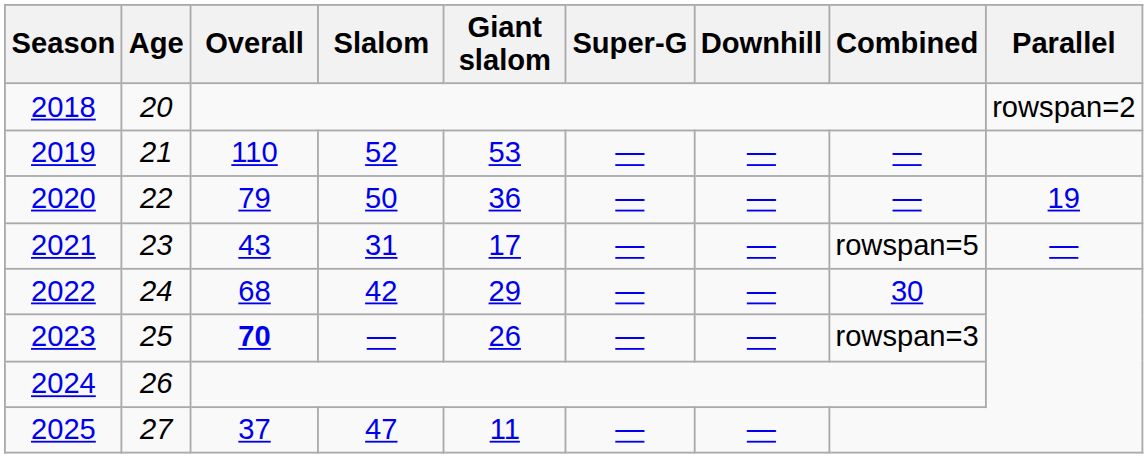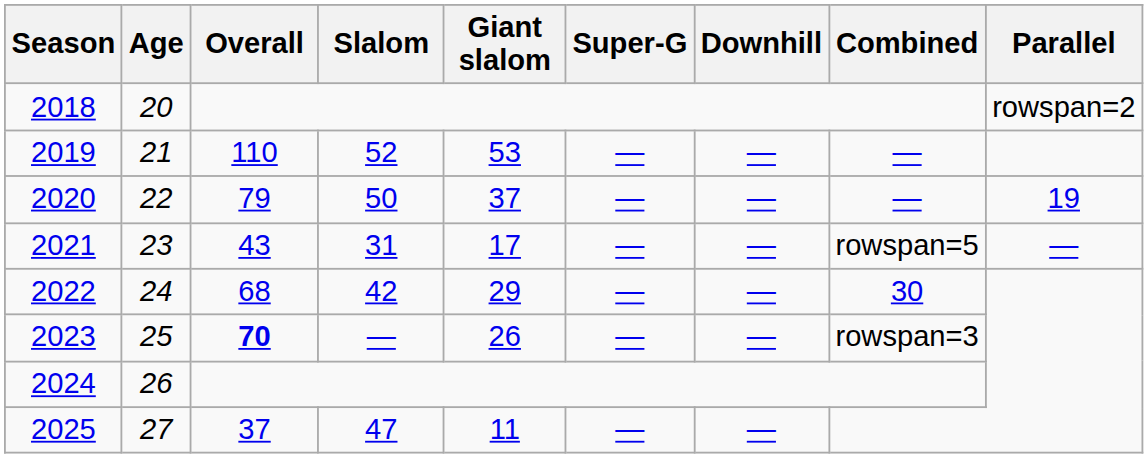 <table class="wikitable" style="text-align:center; font-size:100%;">
 <tr>
 <th>Season</th>
 <th>Age</th>
 <th> Overall </th>
 <th> Slalom </th>
 <th>Giant<br> slalom </th>
 <th>Super-G</th>
 <th>Downhill</th>
 <th>Combined</th>
 <th>Parallel</th>
 </tr>
 <tr>
 <td><a href='#'>2018</a></td>
 <td><em>20</em></td>
 <td colspan=6></td>
 <td>rowspan=2 </td>
 </tr>
 <tr>
 <td><a href='#'>2019</a></td>
 <td><em>21</em></td>
 <td><a href='#'>110</a></td>
 <td><a href='#'>52</a></td>
 <td><a href='#'>53</a></td>
 <td><a href='#'>—</a></td>
 <td><a href='#'>—</a></td>
 <td><a href='#'>—</a></td>
 </tr>
 <tr>
 <td><a href='#'>2020</a></td>
 <td><em>22</em></td>
 <td><a href='#'>79</a></td>
 <td><a href='#'>50</a></td>
-<td><a href='#'>36</a></td>
+<td><a href='#'>37</a></td>
 <td><a href='#'>—</a></td>
 <td><a href='#'>—</a></td>
 <td><a href='#'>—</a></td>
 <td><a href='#'>19</a></td>
 </tr>
 <tr>
 <td><a href='#'>2021</a></td>
 <td><em>23</em></td>
 <td><a href='#'>43</a></td>
 <td><a href='#'>31</a></td>
 <td><a href='#'>17</a></td>
 <td><a href='#'>—</a></td>
 <td><a href='#'>—</a></td>
 <td>rowspan=5 </td>
 <td><a href='#'>—</a></td>
 </tr>
 <tr>
 <td><a href='#'>2022</a></td>
 <td><em>24</em></td>
 <td><a href='#'>68</a></td>
 <td><a href='#'>42</a></td>
 <td><a href='#'>29</a></td>
 <td><a href='#'>—</a></td>
 <td><a href='#'>—</a></td>
 <td><a href='#'>30</a></td>
 </tr>
 <tr>
 <td><a href='#'>2023</a></td>
 <td><em>25</em></td>
 <td><strong><a href='#'>70</a></strong></td>
 <td><a href='#'>—</a></td>
 <td><a href='#'>26</a></td>
 <td><a href='#'>—</a></td>
 <td><a href='#'>—</a></td>
 <td>rowspan=3</td>
 </tr>
 <tr>
 <td><a href='#'>2024</a></td>
 <td><em>26</em></td>
 <td colspan=6></td>
 </tr>
 <tr>
 <td><a href='#'>2025</a></td>
 <td><em>27</em></td>
 <td><a href='#'>37</a></td>
 <td><a href='#'>47</a></td>
 <td><a href='#'>11</a></td>
 <td><a href='#'>—</a></td>
 <td><a href='#'>—</a></td>
 </tr>
 </table>
